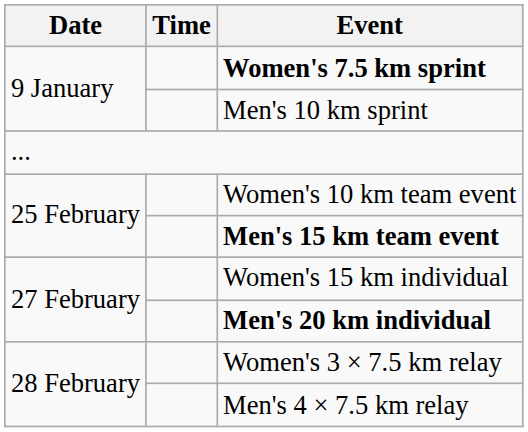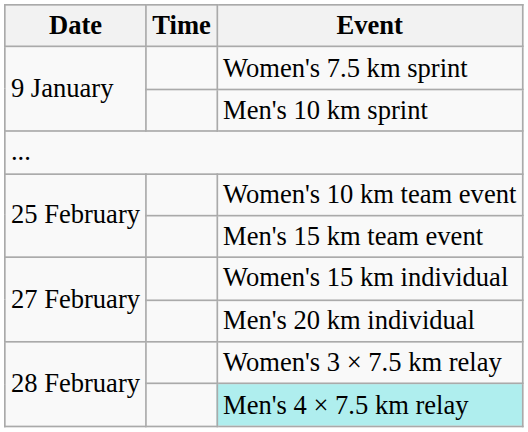 <table class="wikitable">
 <tr>
 <th>Date</th>
 <th>Time</th>
 <th>Event</th>
 </tr>
 <tr>
 <td rowspan=2>9 January</td>
 <td></td>
-<td><strong>Women's 7.5 km sprint</strong></td>
+<td>Women's 7.5 km sprint</td>
 </tr>
 <tr>
 <td></td>
 <td>Men's 10 km sprint</td>
 </tr>
 <tr>
 <td colspan=3>...</td>
 </tr>
 <tr>
 <td rowspan=2>25 February</td>
 <td></td>
 <td>Women's 10 km team event</td>
 </tr>
 <tr>
 <td></td>
-<td><strong>Men's 15 km team event</strong></td>
+<td>Men's 15 km team event</td>
 </tr>
 <tr>
 <td rowspan=2>27 February</td>
 <td></td>
 <td>Women's 15 km individual</td>
 </tr>
 <tr>
 <td></td>
-<td><strong>Men's 20 km individual</strong></td>
+<td>Men's 20 km individual</td>
 </tr>
 <tr>
 <td rowspan=2>28 February</td>
 <td></td>
 <td>Women's 3 × 7.5 km relay</td>
 </tr>
 <tr>
 <td></td>
-<td>Men's 4 × 7.5 km relay</td>
+<td style="background: paleturquoise;">Men's 4 × 7.5 km relay</td>
 </tr>
 </table>
